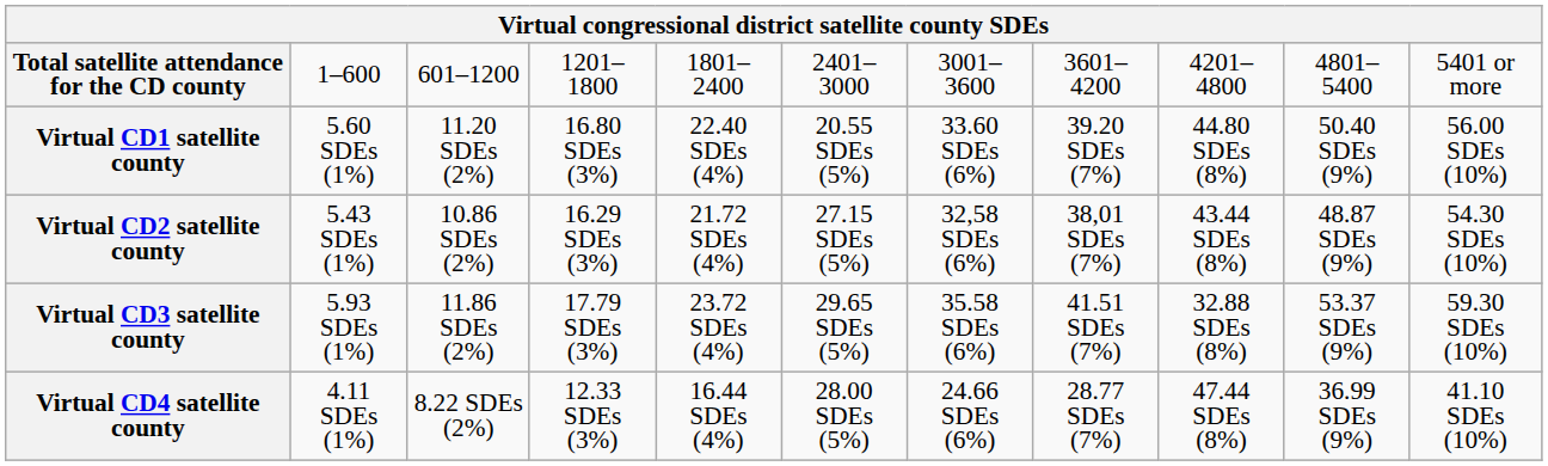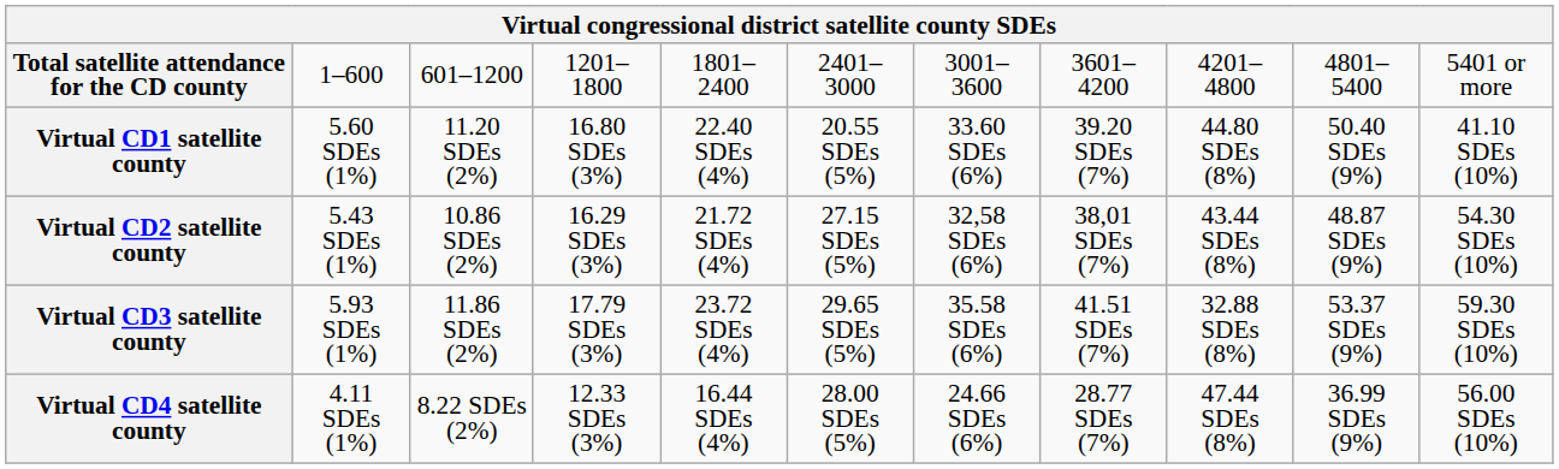 <table class="wikitable" style="position:left; padding:5px; text-align:center; font-size:90%; line-height:1.0">
 <tr>
 <th colspan="11">Virtual congressional district satellite county SDEs<br></th>
 </tr>
 <tr>
 <th>Total satellite attendance for the CD county</th>
 <td>1–600</td>
 <td>601–1200</td>
 <td>1201–1800</td>
 <td>1801–2400</td>
 <td>2401–3000</td>
 <td>3001–3600</td>
 <td>3601–4200</td>
 <td>4201–4800</td>
 <td>4801–5400</td>
 <td>5401 or more</td>
 </tr>
 <tr align="center">
 <th>Virtual <a href='#'>CD1</a> satellite county</th>
 <td>5.60 SDEs (1%)</td>
 <td>11.20 SDEs (2%)</td>
 <td>16.80 SDEs (3%)</td>
 <td>22.40 SDEs (4%)</td>
 <td>20.55 SDEs (5%)</td>
 <td>33.60 SDEs (6%)</td>
 <td>39.20 SDEs (7%)</td>
 <td>44.80 SDEs (8%)</td>
 <td>50.40 SDEs (9%)</td>
-<td>56.00 SDEs (10%)</td>
+<td>41.10 SDEs (10%)</td>
 </tr>
 <tr align="center">
 <th>Virtual <a href='#'>CD2</a> satellite county</th>
 <td>5.43 SDEs (1%)</td>
 <td>10.86 SDEs (2%)</td>
 <td>16.29 SDEs (3%)</td>
 <td>21.72 SDEs (4%)</td>
 <td>27.15 SDEs (5%)</td>
 <td>32,58 SDEs (6%)</td>
 <td>38,01 SDEs (7%)</td>
 <td>43.44 SDEs (8%)</td>
 <td>48.87 SDEs (9%)</td>
 <td>54.30 SDEs (10%)</td>
 </tr>
 <tr align="center">
 <th>Virtual <a href='#'>CD3</a> satellite county</th>
 <td>5.93 SDEs (1%)</td>
 <td>11.86 SDEs (2%)</td>
 <td>17.79 SDEs (3%)</td>
 <td>23.72 SDEs (4%)</td>
 <td>29.65 SDEs (5%)</td>
 <td>35.58 SDEs (6%)</td>
 <td>41.51 SDEs (7%)</td>
 <td>32.88 SDEs (8%)</td>
 <td>53.37 SDEs (9%)</td>
 <td>59.30 SDEs (10%)</td>
 </tr>
 <tr align="center">
 <th>Virtual <a href='#'>CD4</a> satellite county</th>
 <td>4.11 SDEs (1%)</td>
 <td>8.22 SDEs (2%)</td>
 <td>12.33 SDEs (3%)</td>
 <td>16.44 SDEs (4%)</td>
 <td>28.00 SDEs (5%)</td>
 <td>24.66 SDEs (6%)</td>
 <td>28.77 SDEs (7%)</td>
 <td>47.44 SDEs (8%)</td>
 <td>36.99 SDEs (9%)</td>
-<td>41.10 SDEs (10%)</td>
+<td>56.00 SDEs (10%)</td>
 </tr>
 </table>
